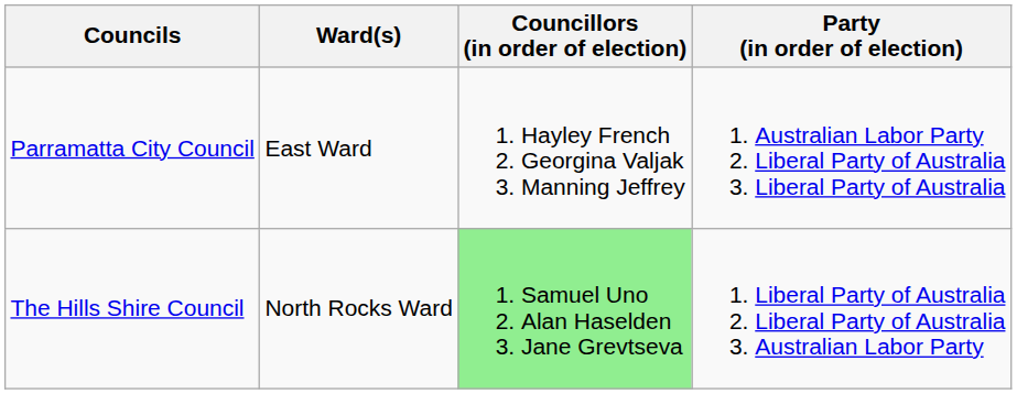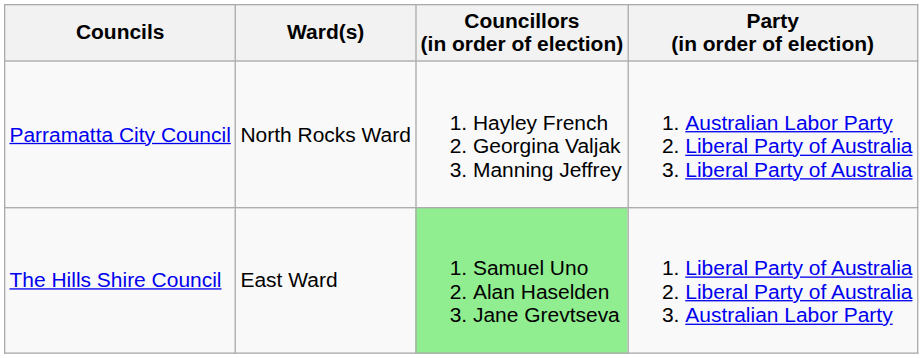 <table class="wikitable">
 <tr>
 <th>Councils</th>
 <th>Ward(s)</th>
 <th>Councillors<br>(in order of election)</th>
 <th>Party<br>(in order of election)</th>
 </tr>
 <tr>
 <td><a href='#'>Parramatta City Council</a></td>
-<td>East Ward</td>
+<td>North Rocks Ward</td>
 <td><br><ol><li>Hayley French</li><li>Georgina Valjak</li><li>Manning Jeffrey</li></ol></td>
 <td><br><ol><li><a href='#'>Australian Labor Party</a></li><li><a href='#'>Liberal Party of Australia</a></li><li><a href='#'>Liberal Party of Australia</a></li></ol></td>
 </tr>
 <tr>
 <td><a href='#'>The Hills Shire Council</a></td>
-<td>North Rocks Ward</td>
+<td>East Ward</td>
 <td style="background: lightgreen;"><br><ol><li>Samuel Uno</li><li>Alan Haselden</li><li>Jane Grevtseva</li></ol></td>
 <td><br><ol><li><a href='#'>Liberal Party of Australia</a></li><li><a href='#'>Liberal Party of Australia</a></li><li><a href='#'>Australian Labor Party</a></li></ol></td>
 </tr>
 </table>
